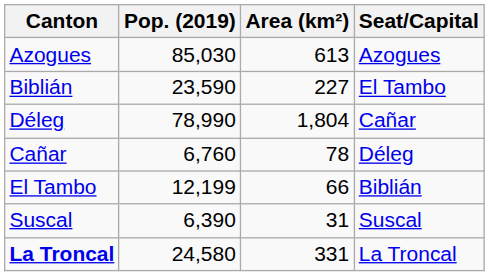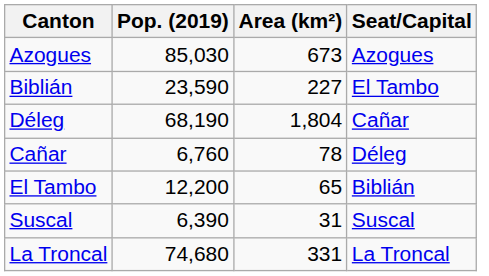 <table class="wikitable sortable">
 <tr>
 <th>Canton</th>
 <th>Pop. (2019)</th>
 <th>Area (km²)</th>
 <th>Seat/Capital</th>
 </tr>
 <tr>
 <td><a href='#'>Azogues</a></td>
 <td align=right>85,030</td>
-<td align="right">613</td>
+<td align="right">673</td>
 <td><a href='#'>Azogues</a></td>
 </tr>
 <tr>
 <td><a href='#'>Biblián</a></td>
 <td align=right>23,590</td>
 <td align="right">227</td>
 <td><a href='#'>El Tambo</a></td>
 </tr>
 <tr>
 <td><a href='#'>Déleg</a></td>
-<td align=right>78,990</td>
+<td align=right>68,190</td>
 <td align="right">1,804</td>
 <td><a href='#'>Cañar</a></td>
 </tr>
 <tr>
 <td><a href='#'>Cañar</a></td>
 <td align=right>6,760</td>
 <td align="right">78</td>
 <td><a href='#'>Déleg</a></td>
 </tr>
 <tr>
 <td><a href='#'>El Tambo</a></td>
-<td align=right>12,199</td>
-<td align="right">66</td>
+<td align=right>12,200</td>
+<td align="right">65</td>
 <td><a href='#'>Biblián</a></td>
 </tr>
 <tr>
 <td><a href='#'>Suscal</a></td>
 <td align=right>6,390</td>
 <td align="right">31</td>
 <td><a href='#'>Suscal</a></td>
 </tr>
 <tr>
-<td><strong><a href='#'>La Troncal</a></strong></td>
-<td align=right>24,580</td>
+<td><a href='#'>La Troncal</a></td>
+<td align=right>74,680</td>
 <td align="right">331</td>
 <td><a href='#'>La Troncal</a></td>
 </tr>
 </table>
